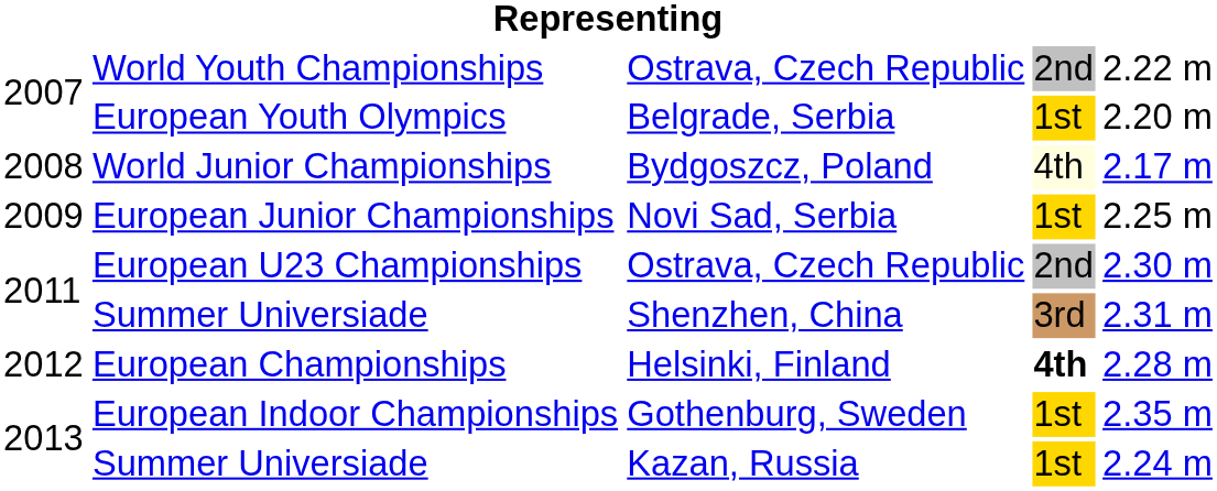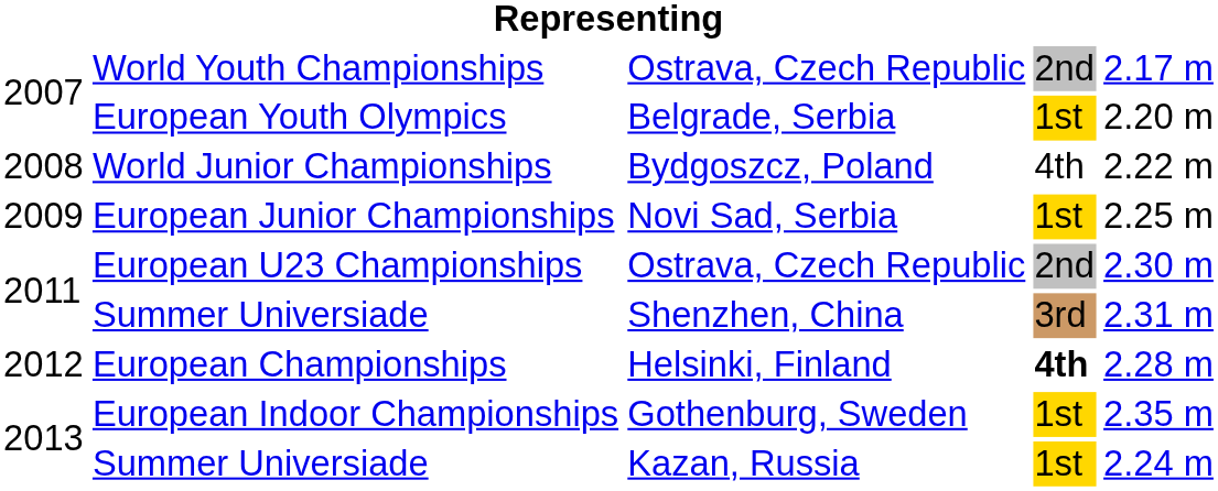 <table>
 <tr>
 <th colspan="5">Representing </th>
 </tr>
 <tr>
 <td rowspan=2>2007</td>
 <td><a href='#'>World Youth Championships</a></td>
 <td><a href='#'>Ostrava, Czech Republic</a></td>
 <td bgcolor="silver">2nd</td>
-<td>2.22 m</td>
+<td><a href='#'>2.17 m</a></td>
 </tr>
 <tr>
 <td><a href='#'>European Youth Olympics</a></td>
 <td><a href='#'>Belgrade, Serbia</a></td>
 <td bgcolor=gold>1st</td>
 <td>2.20 m</td>
 </tr>
 <tr>
 <td>2008</td>
 <td><a href='#'>World Junior Championships</a></td>
 <td><a href='#'>Bydgoszcz, Poland</a></td>
-<td style="background: lightyellow;">4th</td>
-<td><a href='#'>2.17 m</a></td>
+<td>4th</td>
+<td>2.22 m</td>
 </tr>
 <tr>
 <td>2009</td>
 <td><a href='#'>European Junior Championships</a></td>
 <td><a href='#'>Novi Sad, Serbia</a></td>
 <td bgcolor=gold>1st</td>
 <td>2.25 m</td>
 </tr>
 <tr>
 <td rowspan=2>2011</td>
 <td><a href='#'>European U23 Championships</a></td>
 <td><a href='#'>Ostrava, Czech Republic</a></td>
 <td bgcolor="silver">2nd</td>
 <td><a href='#'>2.30 m</a></td>
 </tr>
 <tr>
 <td><a href='#'>Summer Universiade</a></td>
 <td><a href='#'>Shenzhen, China</a></td>
 <td bgcolor="cc9966">3rd</td>
 <td><a href='#'>2.31 m</a></td>
 </tr>
 <tr>
 <td>2012</td>
 <td><a href='#'>European Championships</a></td>
 <td><a href='#'>Helsinki, Finland</a></td>
 <td><strong>4th</strong></td>
 <td><a href='#'>2.28 m</a></td>
 </tr>
 <tr>
 <td rowspan=2>2013</td>
 <td><a href='#'>European Indoor Championships</a></td>
 <td><a href='#'>Gothenburg, Sweden</a></td>
 <td bgcolor=gold>1st</td>
 <td><a href='#'>2.35 m</a></td>
 </tr>
 <tr>
 <td><a href='#'>Summer Universiade</a></td>
 <td><a href='#'>Kazan, Russia</a></td>
 <td bgcolor=gold>1st</td>
 <td><a href='#'>2.24 m</a></td>
 </tr>
 <tr>
 </tr>
 </table>
